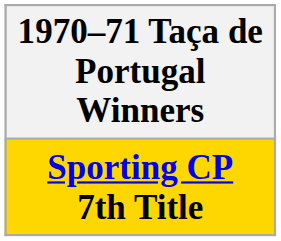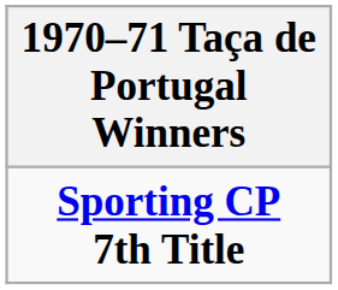 <table class="wikitable" style="text-align: center; margin: 0 auto; width: 20%">
 <tr>
 <th>1970–71 Taça de Portugal Winners</th>
 </tr>
 <tr>
-<td style="background: gold;"><strong><a href='#'>Sporting CP</a></strong><br><strong>7th Title</strong></td>
+<td><strong><a href='#'>Sporting CP</a></strong><br><strong>7th Title</strong></td>
 </tr>
 </table>
